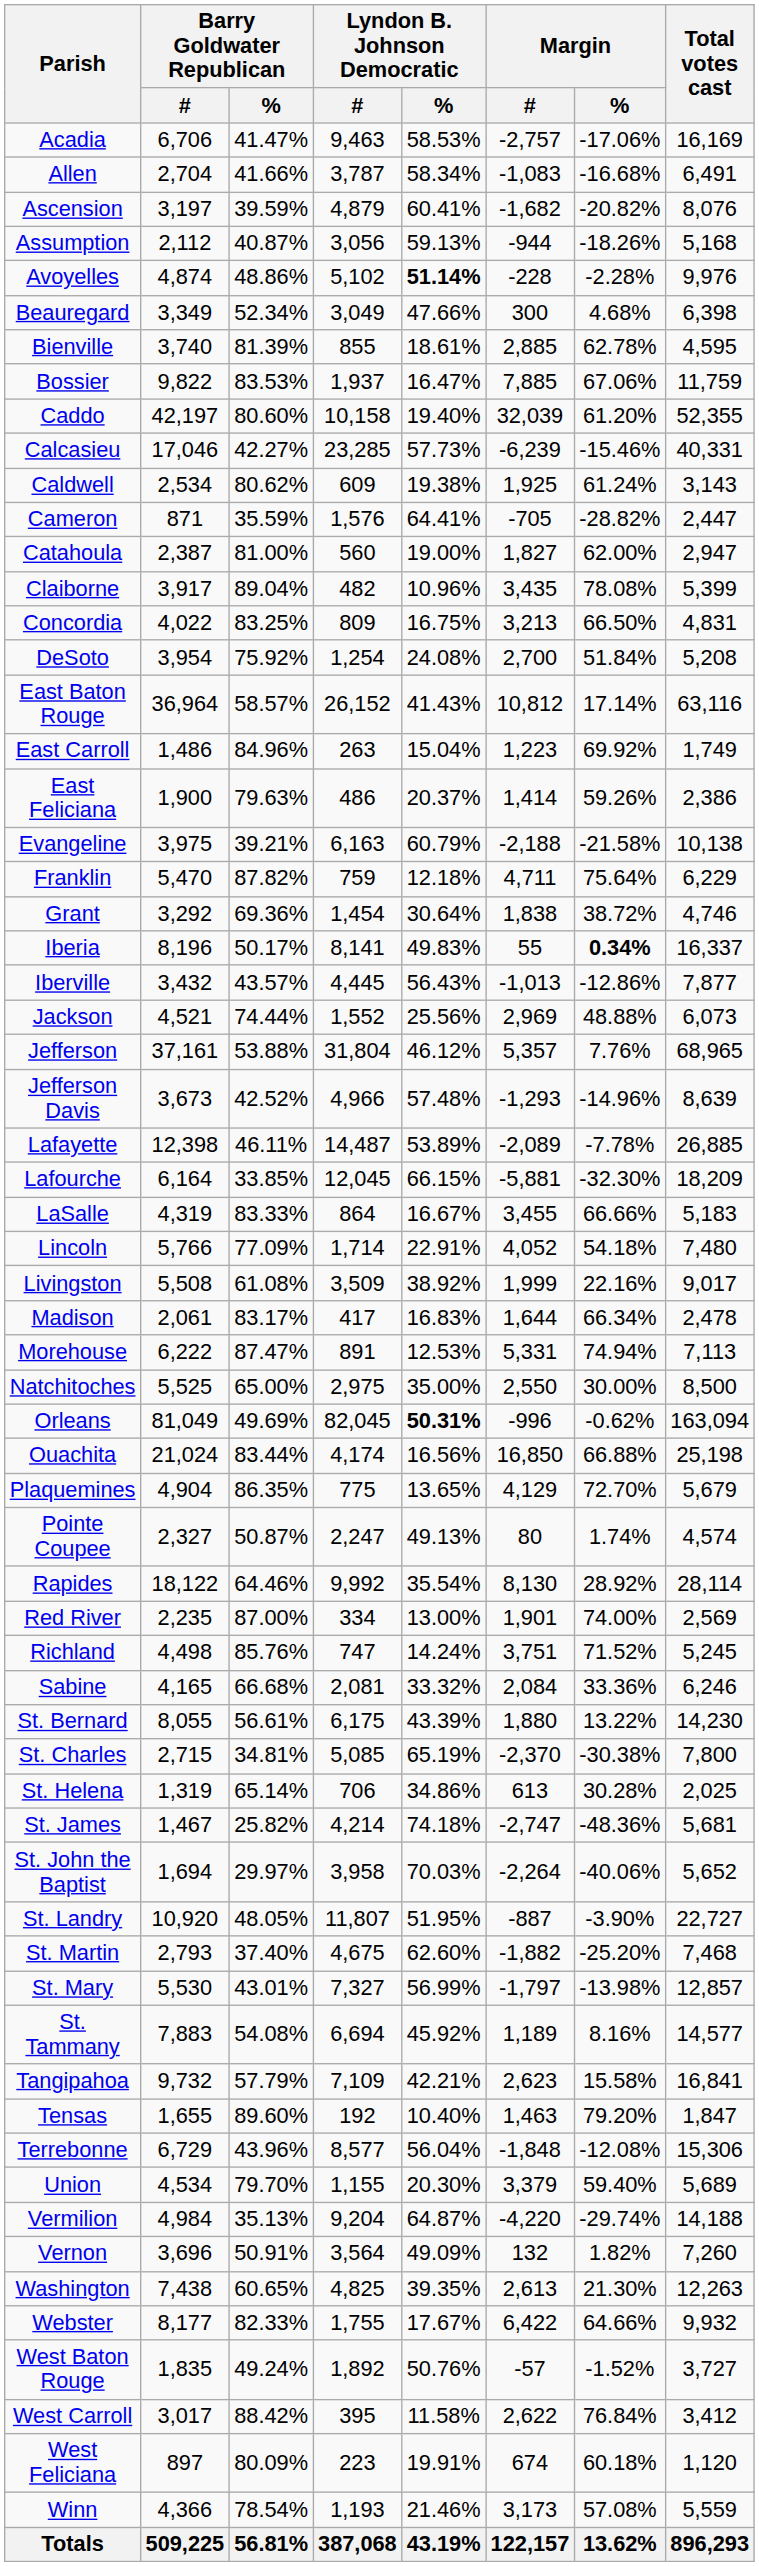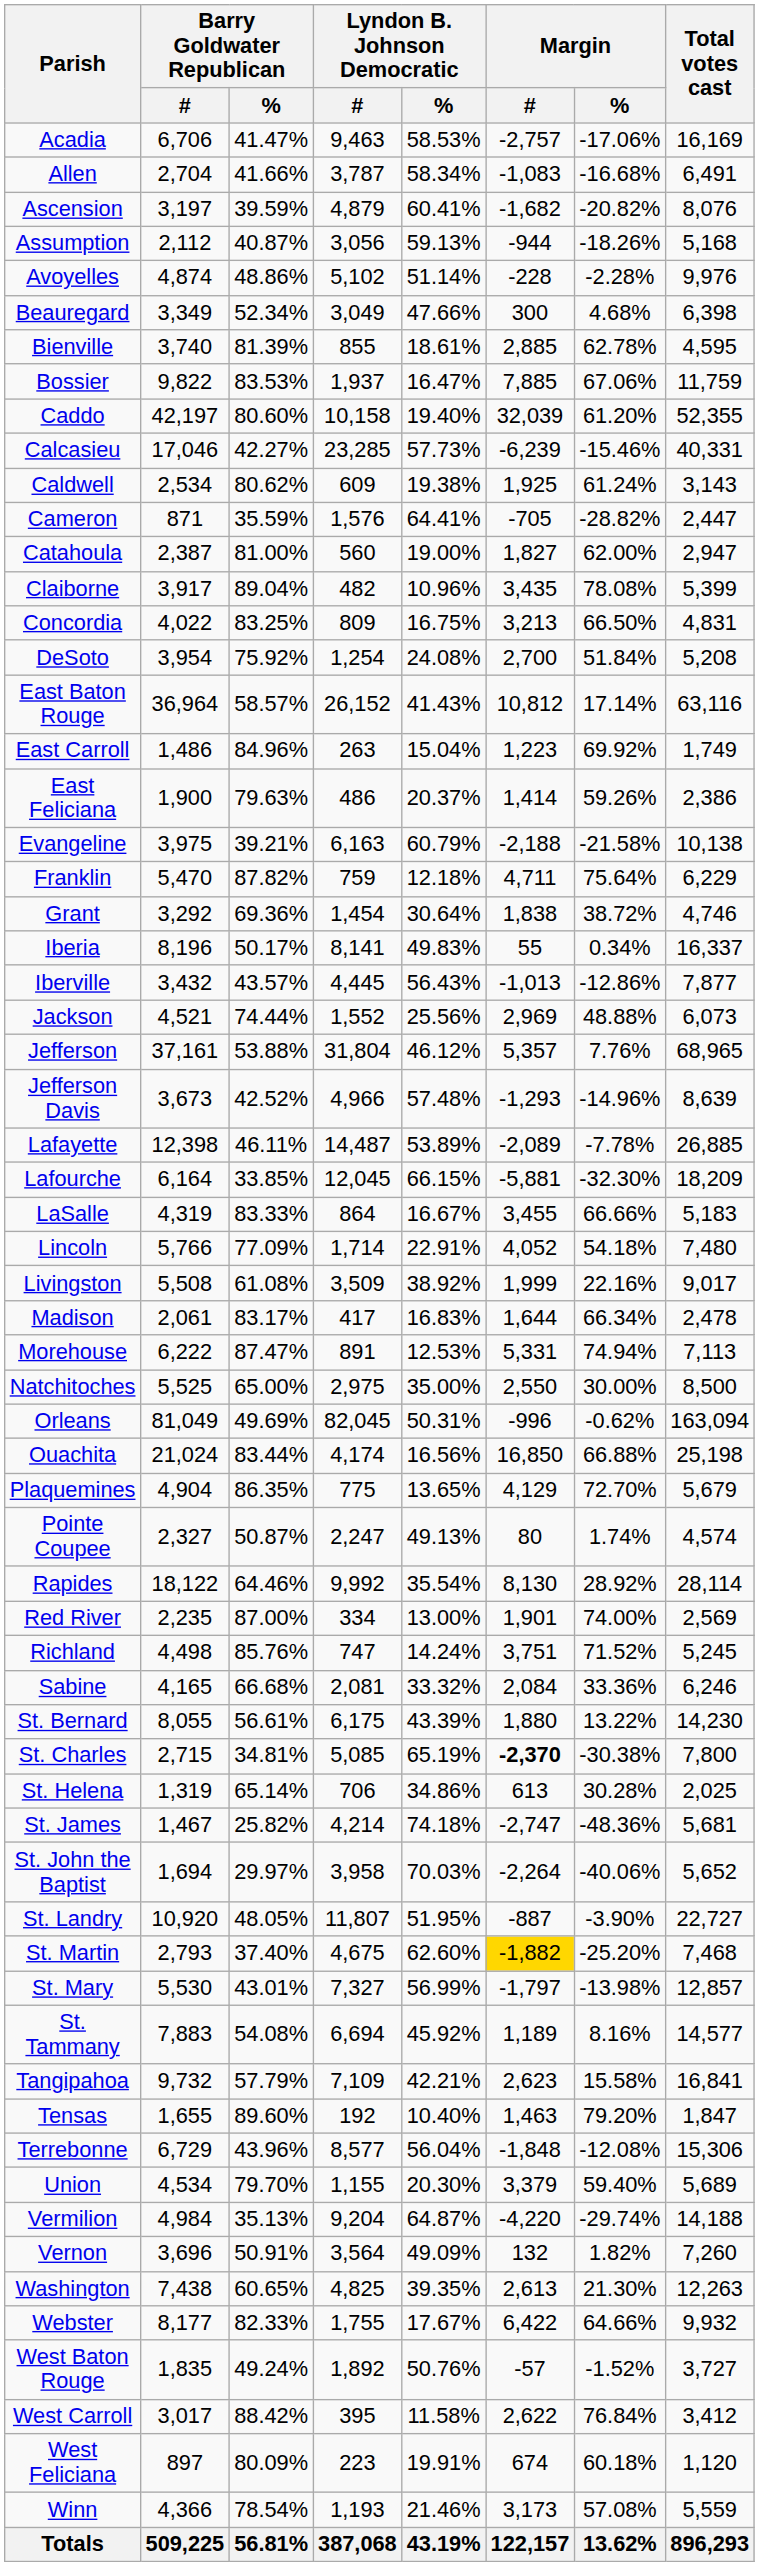 <table width="60%" class="wikitable sortable">
 <tr>
 <th rowspan="2">Parish</th>
 <th colspan="2">Barry Goldwater<br>Republican</th>
 <th colspan="2">Lyndon B. Johnson<br>Democratic</th>
 <th colspan="2">Margin</th>
 <th rowspan="2">Total votes cast</th>
 </tr>
 <tr>
 <th style="text-align:center;" data-sort-type="number">#</th>
 <th style="text-align:center;" data-sort-type="number">%</th>
 <th style="text-align:center;" data-sort-type="number">#</th>
 <th style="text-align:center;" data-sort-type="number">%</th>
 <th style="text-align:center;" data-sort-type="number">#</th>
 <th style="text-align:center;" data-sort-type="number">%</th>
 </tr>
 <tr style="text-align:center;">
 <td><a href='#'>Acadia</a></td>
 <td>6,706</td>
 <td>41.47%</td>
 <td>9,463</td>
 <td>58.53%</td>
 <td>-2,757</td>
 <td>-17.06%</td>
 <td>16,169</td>
 </tr>
 <tr style="text-align:center;">
 <td><a href='#'>Allen</a></td>
 <td>2,704</td>
 <td>41.66%</td>
 <td>3,787</td>
 <td>58.34%</td>
 <td>-1,083</td>
 <td>-16.68%</td>
 <td>6,491</td>
 </tr>
 <tr style="text-align:center;">
 <td><a href='#'>Ascension</a></td>
 <td>3,197</td>
 <td>39.59%</td>
 <td>4,879</td>
 <td>60.41%</td>
 <td>-1,682</td>
 <td>-20.82%</td>
 <td>8,076</td>
 </tr>
 <tr style="text-align:center;">
 <td><a href='#'>Assumption</a></td>
 <td>2,112</td>
 <td>40.87%</td>
 <td>3,056</td>
 <td>59.13%</td>
 <td>-944</td>
 <td>-18.26%</td>
 <td>5,168</td>
 </tr>
 <tr style="text-align:center;">
 <td><a href='#'>Avoyelles</a></td>
 <td>4,874</td>
 <td>48.86%</td>
 <td>5,102</td>
-<td><strong>51.14%</strong></td>
+<td>51.14%</td>
 <td>-228</td>
 <td>-2.28%</td>
 <td>9,976</td>
 </tr>
 <tr style="text-align:center;">
 <td><a href='#'>Beauregard</a></td>
 <td>3,349</td>
 <td>52.34%</td>
 <td>3,049</td>
 <td>47.66%</td>
 <td>300</td>
 <td>4.68%</td>
 <td>6,398</td>
 </tr>
 <tr style="text-align:center;">
 <td><a href='#'>Bienville</a></td>
 <td>3,740</td>
 <td>81.39%</td>
 <td>855</td>
 <td>18.61%</td>
 <td>2,885</td>
 <td>62.78%</td>
 <td>4,595</td>
 </tr>
 <tr style="text-align:center;">
 <td><a href='#'>Bossier</a></td>
 <td>9,822</td>
 <td>83.53%</td>
 <td>1,937</td>
 <td>16.47%</td>
 <td>7,885</td>
 <td>67.06%</td>
 <td>11,759</td>
 </tr>
 <tr style="text-align:center;">
 <td><a href='#'>Caddo</a></td>
 <td>42,197</td>
 <td>80.60%</td>
 <td>10,158</td>
 <td>19.40%</td>
 <td>32,039</td>
 <td>61.20%</td>
 <td>52,355</td>
 </tr>
 <tr style="text-align:center;">
 <td><a href='#'>Calcasieu</a></td>
 <td>17,046</td>
 <td>42.27%</td>
 <td>23,285</td>
 <td>57.73%</td>
 <td>-6,239</td>
 <td>-15.46%</td>
 <td>40,331</td>
 </tr>
 <tr style="text-align:center;">
 <td><a href='#'>Caldwell</a></td>
 <td>2,534</td>
 <td>80.62%</td>
 <td>609</td>
 <td>19.38%</td>
 <td>1,925</td>
 <td>61.24%</td>
 <td>3,143</td>
 </tr>
 <tr style="text-align:center;">
 <td><a href='#'>Cameron</a></td>
 <td>871</td>
 <td>35.59%</td>
 <td>1,576</td>
 <td>64.41%</td>
 <td>-705</td>
 <td>-28.82%</td>
 <td>2,447</td>
 </tr>
 <tr style="text-align:center;">
 <td><a href='#'>Catahoula</a></td>
 <td>2,387</td>
 <td>81.00%</td>
 <td>560</td>
 <td>19.00%</td>
 <td>1,827</td>
 <td>62.00%</td>
 <td>2,947</td>
 </tr>
 <tr style="text-align:center;">
 <td><a href='#'>Claiborne</a></td>
 <td>3,917</td>
 <td>89.04%</td>
 <td>482</td>
 <td>10.96%</td>
 <td>3,435</td>
 <td>78.08%</td>
 <td>5,399</td>
 </tr>
 <tr style="text-align:center;">
 <td><a href='#'>Concordia</a></td>
 <td>4,022</td>
 <td>83.25%</td>
 <td>809</td>
 <td>16.75%</td>
 <td>3,213</td>
 <td>66.50%</td>
 <td>4,831</td>
 </tr>
 <tr style="text-align:center;">
 <td><a href='#'>DeSoto</a></td>
 <td>3,954</td>
 <td>75.92%</td>
 <td>1,254</td>
 <td>24.08%</td>
 <td>2,700</td>
 <td>51.84%</td>
 <td>5,208</td>
 </tr>
 <tr style="text-align:center;">
 <td><a href='#'>East Baton Rouge</a></td>
 <td>36,964</td>
 <td>58.57%</td>
 <td>26,152</td>
 <td>41.43%</td>
 <td>10,812</td>
 <td>17.14%</td>
 <td>63,116</td>
 </tr>
 <tr style="text-align:center;">
 <td><a href='#'>East Carroll</a></td>
 <td>1,486</td>
 <td>84.96%</td>
 <td>263</td>
 <td>15.04%</td>
 <td>1,223</td>
 <td>69.92%</td>
 <td>1,749</td>
 </tr>
 <tr style="text-align:center;">
 <td><a href='#'>East Feliciana</a></td>
 <td>1,900</td>
 <td>79.63%</td>
 <td>486</td>
 <td>20.37%</td>
 <td>1,414</td>
 <td>59.26%</td>
 <td>2,386</td>
 </tr>
 <tr style="text-align:center;">
 <td><a href='#'>Evangeline</a></td>
 <td>3,975</td>
 <td>39.21%</td>
 <td>6,163</td>
 <td>60.79%</td>
 <td>-2,188</td>
 <td>-21.58%</td>
 <td>10,138</td>
 </tr>
 <tr style="text-align:center;">
 <td><a href='#'>Franklin</a></td>
 <td>5,470</td>
 <td>87.82%</td>
 <td>759</td>
 <td>12.18%</td>
 <td>4,711</td>
 <td>75.64%</td>
 <td>6,229</td>
 </tr>
 <tr style="text-align:center;">
 <td><a href='#'>Grant</a></td>
 <td>3,292</td>
 <td>69.36%</td>
 <td>1,454</td>
 <td>30.64%</td>
 <td>1,838</td>
 <td>38.72%</td>
 <td>4,746</td>
 </tr>
 <tr style="text-align:center;">
 <td><a href='#'>Iberia</a></td>
 <td>8,196</td>
 <td>50.17%</td>
 <td>8,141</td>
 <td>49.83%</td>
 <td>55</td>
-<td><strong>0.34%</strong></td>
+<td>0.34%</td>
 <td>16,337</td>
 </tr>
 <tr style="text-align:center;">
 <td><a href='#'>Iberville</a></td>
 <td>3,432</td>
 <td>43.57%</td>
 <td>4,445</td>
 <td>56.43%</td>
 <td>-1,013</td>
 <td>-12.86%</td>
 <td>7,877</td>
 </tr>
 <tr style="text-align:center;">
 <td><a href='#'>Jackson</a></td>
 <td>4,521</td>
 <td>74.44%</td>
 <td>1,552</td>
 <td>25.56%</td>
 <td>2,969</td>
 <td>48.88%</td>
 <td>6,073</td>
 </tr>
 <tr style="text-align:center;">
 <td><a href='#'>Jefferson</a></td>
 <td>37,161</td>
 <td>53.88%</td>
 <td>31,804</td>
 <td>46.12%</td>
 <td>5,357</td>
 <td>7.76%</td>
 <td>68,965</td>
 </tr>
 <tr style="text-align:center;">
 <td><a href='#'>Jefferson Davis</a></td>
 <td>3,673</td>
 <td>42.52%</td>
 <td>4,966</td>
 <td>57.48%</td>
 <td>-1,293</td>
 <td>-14.96%</td>
 <td>8,639</td>
 </tr>
 <tr style="text-align:center;">
 <td><a href='#'>Lafayette</a></td>
 <td>12,398</td>
 <td>46.11%</td>
 <td>14,487</td>
 <td>53.89%</td>
 <td>-2,089</td>
 <td>-7.78%</td>
 <td>26,885</td>
 </tr>
 <tr style="text-align:center;">
 <td><a href='#'>Lafourche</a></td>
 <td>6,164</td>
 <td>33.85%</td>
 <td>12,045</td>
 <td>66.15%</td>
 <td>-5,881</td>
 <td>-32.30%</td>
 <td>18,209</td>
 </tr>
 <tr style="text-align:center;">
 <td><a href='#'>LaSalle</a></td>
 <td>4,319</td>
 <td>83.33%</td>
 <td>864</td>
 <td>16.67%</td>
 <td>3,455</td>
 <td>66.66%</td>
 <td>5,183</td>
 </tr>
 <tr style="text-align:center;">
 <td><a href='#'>Lincoln</a></td>
 <td>5,766</td>
 <td>77.09%</td>
 <td>1,714</td>
 <td>22.91%</td>
 <td>4,052</td>
 <td>54.18%</td>
 <td>7,480</td>
 </tr>
 <tr style="text-align:center;">
 <td><a href='#'>Livingston</a></td>
 <td>5,508</td>
 <td>61.08%</td>
 <td>3,509</td>
 <td>38.92%</td>
 <td>1,999</td>
 <td>22.16%</td>
 <td>9,017</td>
 </tr>
 <tr style="text-align:center;">
 <td><a href='#'>Madison</a></td>
 <td>2,061</td>
 <td>83.17%</td>
 <td>417</td>
 <td>16.83%</td>
 <td>1,644</td>
 <td>66.34%</td>
 <td>2,478</td>
 </tr>
 <tr style="text-align:center;">
 <td><a href='#'>Morehouse</a></td>
 <td>6,222</td>
 <td>87.47%</td>
 <td>891</td>
 <td>12.53%</td>
 <td>5,331</td>
 <td>74.94%</td>
 <td>7,113</td>
 </tr>
 <tr style="text-align:center;">
 <td><a href='#'>Natchitoches</a></td>
 <td>5,525</td>
 <td>65.00%</td>
 <td>2,975</td>
 <td>35.00%</td>
 <td>2,550</td>
 <td>30.00%</td>
 <td>8,500</td>
 </tr>
 <tr style="text-align:center;">
 <td><a href='#'>Orleans</a></td>
 <td>81,049</td>
 <td>49.69%</td>
 <td>82,045</td>
-<td><strong>50.31%</strong></td>
+<td>50.31%</td>
 <td>-996</td>
 <td>-0.62%</td>
 <td>163,094</td>
 </tr>
 <tr style="text-align:center;">
 <td><a href='#'>Ouachita</a></td>
 <td>21,024</td>
 <td>83.44%</td>
 <td>4,174</td>
 <td>16.56%</td>
 <td>16,850</td>
 <td>66.88%</td>
 <td>25,198</td>
 </tr>
 <tr style="text-align:center;">
 <td><a href='#'>Plaquemines</a></td>
 <td>4,904</td>
 <td>86.35%</td>
 <td>775</td>
 <td>13.65%</td>
 <td>4,129</td>
 <td>72.70%</td>
 <td>5,679</td>
 </tr>
 <tr style="text-align:center;">
 <td><a href='#'>Pointe Coupee</a></td>
 <td>2,327</td>
 <td>50.87%</td>
 <td>2,247</td>
 <td>49.13%</td>
 <td>80</td>
 <td>1.74%</td>
 <td>4,574</td>
 </tr>
 <tr style="text-align:center;">
 <td><a href='#'>Rapides</a></td>
 <td>18,122</td>
 <td>64.46%</td>
 <td>9,992</td>
 <td>35.54%</td>
 <td>8,130</td>
 <td>28.92%</td>
 <td>28,114</td>
 </tr>
 <tr style="text-align:center;">
 <td><a href='#'>Red River</a></td>
 <td>2,235</td>
 <td>87.00%</td>
 <td>334</td>
 <td>13.00%</td>
 <td>1,901</td>
 <td>74.00%</td>
 <td>2,569</td>
 </tr>
 <tr style="text-align:center;">
 <td><a href='#'>Richland</a></td>
 <td>4,498</td>
 <td>85.76%</td>
 <td>747</td>
 <td>14.24%</td>
 <td>3,751</td>
 <td>71.52%</td>
 <td>5,245</td>
 </tr>
 <tr style="text-align:center;">
 <td><a href='#'>Sabine</a></td>
 <td>4,165</td>
 <td>66.68%</td>
 <td>2,081</td>
 <td>33.32%</td>
 <td>2,084</td>
 <td>33.36%</td>
 <td>6,246</td>
 </tr>
 <tr style="text-align:center;">
 <td><a href='#'>St. Bernard</a></td>
 <td>8,055</td>
 <td>56.61%</td>
 <td>6,175</td>
 <td>43.39%</td>
 <td>1,880</td>
 <td>13.22%</td>
 <td>14,230</td>
 </tr>
 <tr style="text-align:center;">
 <td><a href='#'>St. Charles</a></td>
 <td>2,715</td>
 <td>34.81%</td>
 <td>5,085</td>
 <td>65.19%</td>
-<td>-2,370</td>
+<td><strong>-2,370</strong></td>
 <td>-30.38%</td>
 <td>7,800</td>
 </tr>
 <tr style="text-align:center;">
 <td><a href='#'>St. Helena</a></td>
 <td>1,319</td>
 <td>65.14%</td>
 <td>706</td>
 <td>34.86%</td>
 <td>613</td>
 <td>30.28%</td>
 <td>2,025</td>
 </tr>
 <tr style="text-align:center;">
 <td><a href='#'>St. James</a></td>
 <td>1,467</td>
 <td>25.82%</td>
 <td>4,214</td>
 <td>74.18%</td>
 <td>-2,747</td>
 <td>-48.36%</td>
 <td>5,681</td>
 </tr>
 <tr style="text-align:center;">
 <td><a href='#'>St. John the Baptist</a></td>
 <td>1,694</td>
 <td>29.97%</td>
 <td>3,958</td>
 <td>70.03%</td>
 <td>-2,264</td>
 <td>-40.06%</td>
 <td>5,652</td>
 </tr>
 <tr style="text-align:center;">
 <td><a href='#'>St. Landry</a></td>
 <td>10,920</td>
 <td>48.05%</td>
 <td>11,807</td>
 <td>51.95%</td>
 <td>-887</td>
 <td>-3.90%</td>
 <td>22,727</td>
 </tr>
 <tr style="text-align:center;">
 <td><a href='#'>St. Martin</a></td>
 <td>2,793</td>
 <td>37.40%</td>
 <td>4,675</td>
 <td>62.60%</td>
-<td>-1,882</td>
+<td style="background: gold;">-1,882</td>
 <td>-25.20%</td>
 <td>7,468</td>
 </tr>
 <tr style="text-align:center;">
 <td><a href='#'>St. Mary</a></td>
 <td>5,530</td>
 <td>43.01%</td>
 <td>7,327</td>
 <td>56.99%</td>
 <td>-1,797</td>
 <td>-13.98%</td>
 <td>12,857</td>
 </tr>
 <tr style="text-align:center;">
 <td><a href='#'>St. Tammany</a></td>
 <td>7,883</td>
 <td>54.08%</td>
 <td>6,694</td>
 <td>45.92%</td>
 <td>1,189</td>
 <td>8.16%</td>
 <td>14,577</td>
 </tr>
 <tr style="text-align:center;">
 <td><a href='#'>Tangipahoa</a></td>
 <td>9,732</td>
 <td>57.79%</td>
 <td>7,109</td>
 <td>42.21%</td>
 <td>2,623</td>
 <td>15.58%</td>
 <td>16,841</td>
 </tr>
 <tr style="text-align:center;">
 <td><a href='#'>Tensas</a></td>
 <td>1,655</td>
 <td>89.60%</td>
 <td>192</td>
 <td>10.40%</td>
 <td>1,463</td>
 <td>79.20%</td>
 <td>1,847</td>
 </tr>
 <tr style="text-align:center;">
 <td><a href='#'>Terrebonne</a></td>
 <td>6,729</td>
 <td>43.96%</td>
 <td>8,577</td>
 <td>56.04%</td>
 <td>-1,848</td>
 <td>-12.08%</td>
 <td>15,306</td>
 </tr>
 <tr style="text-align:center;">
 <td><a href='#'>Union</a></td>
 <td>4,534</td>
 <td>79.70%</td>
 <td>1,155</td>
 <td>20.30%</td>
 <td>3,379</td>
 <td>59.40%</td>
 <td>5,689</td>
 </tr>
 <tr style="text-align:center;">
 <td><a href='#'>Vermilion</a></td>
 <td>4,984</td>
 <td>35.13%</td>
 <td>9,204</td>
 <td>64.87%</td>
 <td>-4,220</td>
 <td>-29.74%</td>
 <td>14,188</td>
 </tr>
 <tr style="text-align:center;">
 <td><a href='#'>Vernon</a></td>
 <td>3,696</td>
 <td>50.91%</td>
 <td>3,564</td>
 <td>49.09%</td>
 <td>132</td>
 <td>1.82%</td>
 <td>7,260</td>
 </tr>
 <tr style="text-align:center;">
 <td><a href='#'>Washington</a></td>
 <td>7,438</td>
 <td>60.65%</td>
 <td>4,825</td>
 <td>39.35%</td>
 <td>2,613</td>
 <td>21.30%</td>
 <td>12,263</td>
 </tr>
 <tr style="text-align:center;">
 <td><a href='#'>Webster</a></td>
 <td>8,177</td>
 <td>82.33%</td>
 <td>1,755</td>
 <td>17.67%</td>
 <td>6,422</td>
 <td>64.66%</td>
 <td>9,932</td>
 </tr>
 <tr style="text-align:center;">
 <td><a href='#'>West Baton Rouge</a></td>
 <td>1,835</td>
 <td>49.24%</td>
 <td>1,892</td>
 <td>50.76%</td>
 <td>-57</td>
 <td>-1.52%</td>
 <td>3,727</td>
 </tr>
 <tr style="text-align:center;">
 <td><a href='#'>West Carroll</a></td>
 <td>3,017</td>
 <td>88.42%</td>
 <td>395</td>
 <td>11.58%</td>
 <td>2,622</td>
 <td>76.84%</td>
 <td>3,412</td>
 </tr>
 <tr style="text-align:center;">
 <td><a href='#'>West Feliciana</a></td>
 <td>897</td>
 <td>80.09%</td>
 <td>223</td>
 <td>19.91%</td>
 <td>674</td>
 <td>60.18%</td>
 <td>1,120</td>
 </tr>
 <tr style="text-align:center;">
 <td><a href='#'>Winn</a></td>
 <td>4,366</td>
 <td>78.54%</td>
 <td>1,193</td>
 <td>21.46%</td>
 <td>3,173</td>
 <td>57.08%</td>
 <td>5,559</td>
 </tr>
 <tr style="text-align:center;">
 <th>Totals</th>
 <th>509,225</th>
 <th>56.81%</th>
 <th>387,068</th>
 <th>43.19%</th>
 <th>122,157</th>
 <th>13.62%</th>
 <th>896,293</th>
 </tr>
 </table>
